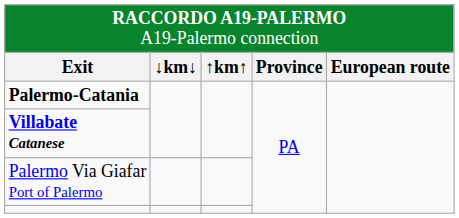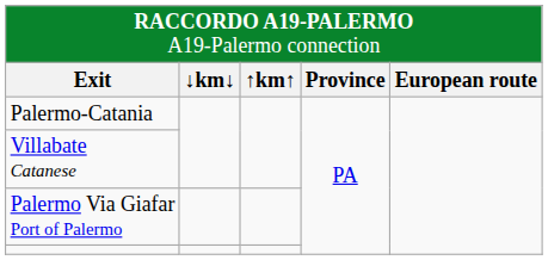 <table class="wikitable">
 <tr>
 </tr>
 <tr align="center" style="color: white;font-size:100%;" bgcolor="#08842c">
 <td colspan="6"> <strong>RACCORDO A19-PALERMO</strong><br>A19-Palermo connection</td>
 </tr>
 <tr>
 <th><strong>Exit</strong></th>
 <th align="center"><strong>↓km↓</strong></th>
 <th align="center"><strong>↑km↑</strong></th>
 <th align="center"><strong>Province</strong></th>
 <th align="center"><strong>European route</strong></th>
 </tr>
 <tr>
-<td><strong>   Palermo-Catania</strong></td>
+<td>   Palermo-Catania</td>
 <td rowspan=2 align="right"></td>
 <td rowspan=2 align="right"></td>
 <td rowspan=5 align="center"><a href='#'>PA</a></td>
 <td rowspan=5 align="center"></td>
 </tr>
 <tr>
-<td><strong> <a href='#'>Villabate</a> <br>  <small><em>Catanese</em></small></strong></td>
+<td> <a href='#'>Villabate</a> <br>  <small><em>Catanese</em></small></td>
 </tr>
 <tr>
 <td> <a href='#'>Palermo</a> Via Giafar <br> <small><a href='#'>Port of Palermo</a></small></td>
 <td align="right"></td>
 <td align="right"></td>
 </tr>
 <tr>
 <td>  </td>
 <td align="right"></td>
 <td align="right"></td>
 </tr>
 </table>
